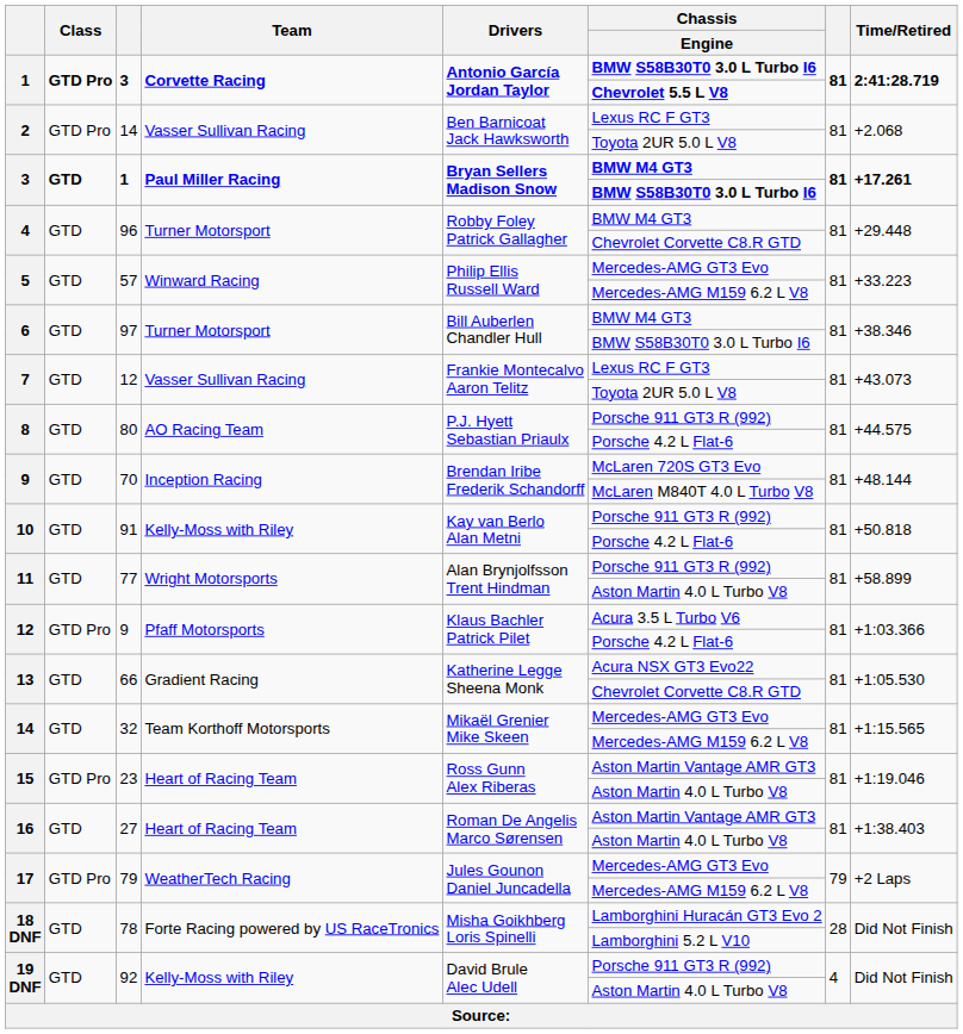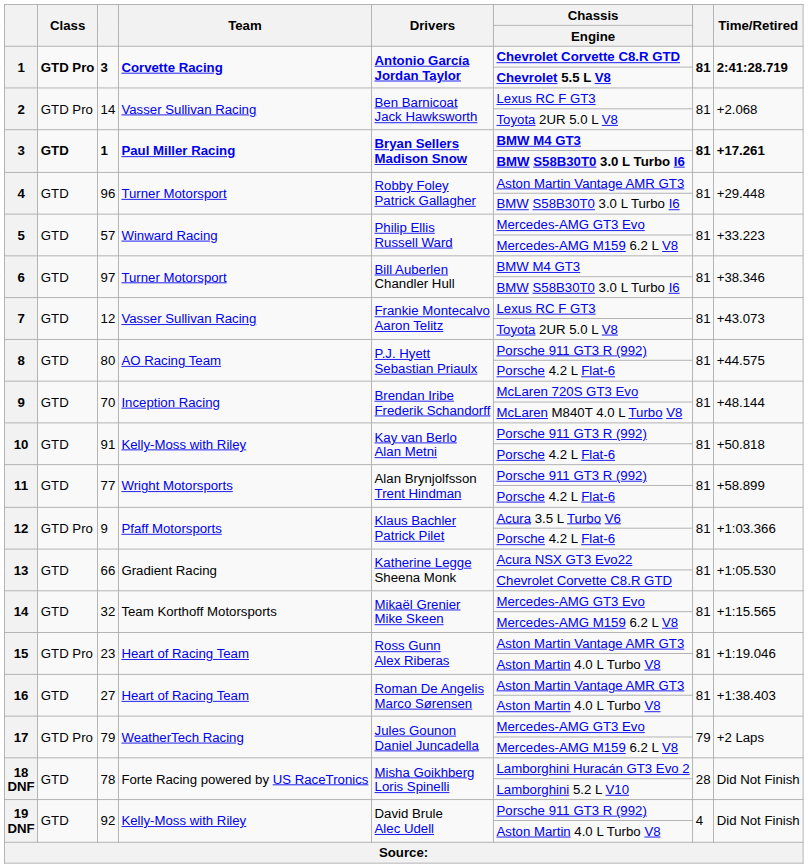 <table class="wikitable" style="font-size:95%;">
 <tr>
 <th rowspan="2"></th>
 <th rowspan="2">Class</th>
 <th rowspan="2"></th>
 <th rowspan="2">Team</th>
 <th rowspan="2">Drivers</th>
 <th>Chassis</th>
 <th rowspan="2"></th>
 <th rowspan="2">Time/Retired</th>
 </tr>
 <tr>
 <th>Engine</th>
 </tr>
 <tr style="font-weight:bold;">
 <th rowspan="2">1</th>
 <td rowspan="2">GTD Pro</td>
 <td rowspan="2">3</td>
 <td rowspan="2"> <a href='#'>Corvette Racing</a></td>
 <td rowspan="2"> <a href='#'>Antonio García</a><br> <a href='#'>Jordan Taylor</a></td>
-<td><a href='#'>BMW</a> <a href='#'>S58B30T0</a> 3.0 L Turbo <a href='#'>I6</a></td>
+<td><a href='#'>Chevrolet Corvette C8.R GTD</a></td>
 <td rowspan="2">81</td>
 <td rowspan="2">2:41:28.719</td>
 </tr>
 <tr style="font-weight:bold;">
 <td><a href='#'>Chevrolet</a> 5.5 L <a href='#'>V8</a></td>
 </tr>
 <tr>
 <th rowspan="2">2</th>
 <td rowspan="2">GTD Pro</td>
 <td rowspan="2">14</td>
 <td rowspan="2"> <a href='#'>Vasser Sullivan Racing</a></td>
 <td rowspan="2"> <a href='#'>Ben Barnicoat</a><br> <a href='#'>Jack Hawksworth</a></td>
 <td><a href='#'>Lexus RC F GT3</a></td>
 <td rowspan="2">81</td>
 <td rowspan="2">+2.068</td>
 </tr>
 <tr>
 <td><a href='#'>Toyota</a> 2UR 5.0 L <a href='#'>V8</a></td>
 </tr>
 <tr style="font-weight:bold;">
 <th rowspan="2">3</th>
 <td rowspan="2">GTD</td>
 <td rowspan="2">1</td>
 <td rowspan="2"> <a href='#'>Paul Miller Racing</a></td>
 <td rowspan="2"> <a href='#'>Bryan Sellers</a><br> <a href='#'>Madison Snow</a></td>
 <td><a href='#'>BMW M4 GT3</a></td>
 <td rowspan="2">81</td>
 <td rowspan="2">+17.261</td>
 </tr>
 <tr style="font-weight:bold;">
 <td><a href='#'>BMW</a> <a href='#'>S58B30T0</a> 3.0 L Turbo <a href='#'>I6</a></td>
 </tr>
 <tr>
 <th rowspan="2">4</th>
 <td rowspan="2">GTD</td>
 <td rowspan="2">96</td>
 <td rowspan="2"> <a href='#'>Turner Motorsport</a></td>
 <td rowspan="2"> <a href='#'>Robby Foley</a><br> <a href='#'>Patrick Gallagher</a></td>
-<td><a href='#'>BMW M4 GT3</a></td>
+<td><a href='#'>Aston Martin Vantage AMR GT3</a></td>
 <td rowspan="2">81</td>
 <td rowspan="2">+29.448</td>
 </tr>
 <tr>
-<td><a href='#'>Chevrolet Corvette C8.R GTD</a></td>
+<td><a href='#'>BMW</a> <a href='#'>S58B30T0</a> 3.0 L Turbo <a href='#'>I6</a></td>
 </tr>
 <tr>
 <th rowspan="2">5</th>
 <td rowspan="2">GTD</td>
 <td rowspan="2">57</td>
 <td rowspan="2"> <a href='#'>Winward Racing</a></td>
 <td rowspan="2"> <a href='#'>Philip Ellis</a><br> <a href='#'>Russell Ward</a></td>
 <td><a href='#'>Mercedes-AMG GT3 Evo</a></td>
 <td rowspan="2">81</td>
 <td rowspan="2">+33.223</td>
 </tr>
 <tr>
 <td><a href='#'>Mercedes-AMG M159</a> 6.2 L <a href='#'>V8</a></td>
 </tr>
 <tr>
 <th rowspan="2">6</th>
 <td rowspan="2">GTD</td>
 <td rowspan="2">97</td>
 <td rowspan="2"> <a href='#'>Turner Motorsport</a></td>
 <td rowspan="2"> <a href='#'>Bill Auberlen</a><br> Chandler Hull</td>
 <td><a href='#'>BMW M4 GT3</a></td>
 <td rowspan="2">81</td>
 <td rowspan="2">+38.346</td>
 </tr>
 <tr>
 <td><a href='#'>BMW</a> <a href='#'>S58B30T0</a> 3.0 L Turbo <a href='#'>I6</a></td>
 </tr>
 <tr>
 <th rowspan="2">7</th>
 <td rowspan="2">GTD</td>
 <td rowspan="2">12</td>
 <td rowspan="2"> <a href='#'>Vasser Sullivan Racing</a></td>
 <td rowspan="2"> <a href='#'>Frankie Montecalvo</a><br> <a href='#'>Aaron Telitz</a></td>
 <td><a href='#'>Lexus RC F GT3</a></td>
 <td rowspan="2">81</td>
 <td rowspan="2">+43.073</td>
 </tr>
 <tr>
 <td><a href='#'>Toyota</a> 2UR 5.0 L <a href='#'>V8</a></td>
 </tr>
 <tr>
 <th rowspan="2">8</th>
 <td rowspan="2">GTD</td>
 <td rowspan="2">80</td>
 <td rowspan="2"> <a href='#'>AO Racing Team</a></td>
 <td rowspan="2"> <a href='#'>P.J. Hyett</a><br> <a href='#'>Sebastian Priaulx</a></td>
 <td><a href='#'>Porsche 911 GT3 R (992)</a></td>
 <td rowspan="2">81</td>
 <td rowspan="2">+44.575</td>
 </tr>
 <tr>
 <td><a href='#'>Porsche</a> 4.2 L <a href='#'>Flat-6</a></td>
 </tr>
 <tr>
 <th rowspan="2">9</th>
 <td rowspan="2">GTD</td>
 <td rowspan="2">70</td>
 <td rowspan="2"> <a href='#'>Inception Racing</a></td>
 <td rowspan="2"> <a href='#'>Brendan Iribe</a><br> <a href='#'>Frederik Schandorff</a></td>
 <td><a href='#'>McLaren 720S GT3 Evo</a></td>
 <td rowspan="2">81</td>
 <td rowspan="2">+48.144</td>
 </tr>
 <tr>
 <td><a href='#'>McLaren</a> M840T 4.0 L <a href='#'>Turbo</a> <a href='#'>V8</a></td>
 </tr>
 <tr>
 <th rowspan="2">10</th>
 <td rowspan="2">GTD</td>
 <td rowspan="2">91</td>
 <td rowspan="2"> <a href='#'>Kelly-Moss with Riley</a></td>
 <td rowspan="2"> <a href='#'>Kay van Berlo</a><br> <a href='#'>Alan Metni</a></td>
 <td><a href='#'>Porsche 911 GT3 R (992)</a></td>
 <td rowspan="2">81</td>
 <td rowspan="2">+50.818</td>
 </tr>
 <tr>
 <td><a href='#'>Porsche</a> 4.2 L <a href='#'>Flat-6</a></td>
 </tr>
 <tr>
 <th rowspan="2">11</th>
 <td rowspan="2">GTD</td>
 <td rowspan="2">77</td>
 <td rowspan="2"> <a href='#'>Wright Motorsports</a></td>
 <td rowspan="2"> Alan Brynjolfsson<br> <a href='#'>Trent Hindman</a></td>
 <td><a href='#'>Porsche 911 GT3 R (992)</a></td>
 <td rowspan="2">81</td>
 <td rowspan="2">+58.899</td>
 </tr>
 <tr>
-<td><a href='#'>Aston Martin</a> 4.0 L Turbo <a href='#'>V8</a></td>
+<td><a href='#'>Porsche</a> 4.2 L <a href='#'>Flat-6</a></td>
 </tr>
 <tr>
 <th rowspan="2">12</th>
 <td rowspan="2">GTD Pro</td>
 <td rowspan="2">9</td>
 <td rowspan="2"> <a href='#'>Pfaff Motorsports</a></td>
 <td rowspan="2"> <a href='#'>Klaus Bachler</a><br> <a href='#'>Patrick Pilet</a></td>
 <td><a href='#'>Acura</a> 3.5 L <a href='#'>Turbo</a> <a href='#'>V6</a></td>
 <td rowspan="2">81</td>
 <td rowspan="2">+1:03.366</td>
 </tr>
 <tr>
 <td><a href='#'>Porsche</a> 4.2 L <a href='#'>Flat-6</a></td>
 </tr>
 <tr>
 <th rowspan="2">13</th>
 <td rowspan="2">GTD</td>
 <td rowspan="2">66</td>
 <td rowspan="2"> Gradient Racing</td>
 <td rowspan="2"> <a href='#'>Katherine Legge</a><br> Sheena Monk</td>
 <td><a href='#'>Acura NSX GT3 Evo22</a></td>
 <td rowspan="2">81</td>
 <td rowspan="2">+1:05.530</td>
 </tr>
 <tr>
 <td><a href='#'>Chevrolet Corvette C8.R GTD</a></td>
 </tr>
 <tr>
 <th rowspan="2">14</th>
 <td rowspan="2">GTD</td>
 <td rowspan="2">32</td>
 <td rowspan="2"> Team Korthoff Motorsports</td>
 <td rowspan="2"> <a href='#'>Mikaël Grenier</a><br> <a href='#'>Mike Skeen</a></td>
 <td><a href='#'>Mercedes-AMG GT3 Evo</a></td>
 <td rowspan="2">81</td>
 <td rowspan="2">+1:15.565</td>
 </tr>
 <tr>
 <td><a href='#'>Mercedes-AMG M159</a> 6.2 L <a href='#'>V8</a></td>
 </tr>
 <tr>
 <th rowspan="2">15</th>
 <td rowspan="2">GTD Pro</td>
 <td rowspan="2">23</td>
 <td rowspan="2"> <a href='#'>Heart of Racing Team</a></td>
 <td rowspan="2"> <a href='#'>Ross Gunn</a><br> <a href='#'>Alex Riberas</a></td>
 <td><a href='#'>Aston Martin Vantage AMR GT3</a></td>
 <td rowspan="2">81</td>
 <td rowspan="2">+1:19.046</td>
 </tr>
 <tr>
 <td><a href='#'>Aston Martin</a> 4.0 L Turbo <a href='#'>V8</a></td>
 </tr>
 <tr>
 <th rowspan="2">16</th>
 <td rowspan="2">GTD</td>
 <td rowspan="2">27</td>
 <td rowspan="2"> <a href='#'>Heart of Racing Team</a></td>
 <td rowspan="2"> <a href='#'>Roman De Angelis</a><br> <a href='#'>Marco Sørensen</a></td>
 <td><a href='#'>Aston Martin Vantage AMR GT3</a></td>
 <td rowspan="2">81</td>
 <td rowspan="2">+1:38.403</td>
 </tr>
 <tr>
 <td><a href='#'>Aston Martin</a> 4.0 L Turbo <a href='#'>V8</a></td>
 </tr>
 <tr>
 <th rowspan="2">17</th>
 <td rowspan="2">GTD Pro</td>
 <td rowspan="2">79</td>
 <td rowspan="2"> <a href='#'>WeatherTech Racing</a></td>
 <td rowspan="2"> <a href='#'>Jules Gounon</a><br> <a href='#'>Daniel Juncadella</a></td>
 <td><a href='#'>Mercedes-AMG GT3 Evo</a></td>
 <td rowspan="2">79</td>
 <td rowspan="2">+2 Laps</td>
 </tr>
 <tr>
 <td><a href='#'>Mercedes-AMG M159</a> 6.2 L <a href='#'>V8</a></td>
 </tr>
 <tr>
 <th rowspan="2">18<br>DNF</th>
 <td rowspan="2">GTD</td>
 <td rowspan="2">78</td>
 <td rowspan="2"> Forte Racing powered by <a href='#'>US RaceTronics</a></td>
 <td rowspan="2"> <a href='#'>Misha Goikhberg</a><br> <a href='#'>Loris Spinelli</a></td>
 <td><a href='#'>Lamborghini Huracán GT3 Evo 2</a></td>
 <td rowspan="2">28</td>
 <td rowspan="2">Did Not Finish</td>
 </tr>
 <tr>
 <td><a href='#'>Lamborghini</a> 5.2 L <a href='#'>V10</a></td>
 </tr>
 <tr>
 <th rowspan="2">19<br>DNF</th>
 <td rowspan="2">GTD</td>
 <td rowspan="2">92</td>
 <td rowspan="2"> <a href='#'>Kelly-Moss with Riley</a></td>
 <td rowspan="2"> David Brule<br> <a href='#'>Alec Udell</a></td>
 <td><a href='#'>Porsche 911 GT3 R (992)</a></td>
 <td rowspan="2">4</td>
 <td rowspan="2">Did Not Finish</td>
 </tr>
 <tr>
 <td><a href='#'>Aston Martin</a> 4.0 L Turbo <a href='#'>V8</a></td>
 </tr>
 <tr>
 <th colspan="8">Source:</th>
 </tr>
 </table>
